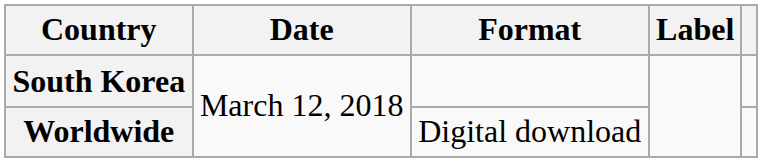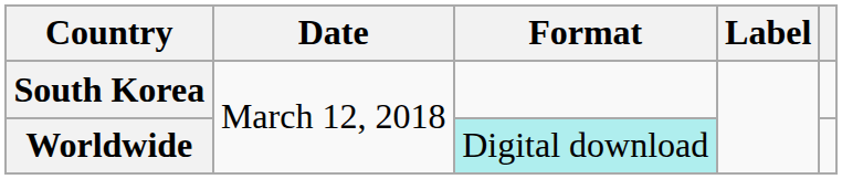 <table class="wikitable plainrowheaders">
 <tr>
 <th>Country</th>
 <th>Date</th>
 <th>Format</th>
 <th>Label</th>
 <th></th>
 </tr>
 <tr>
 <th scope="row">South Korea</th>
 <td rowspan="2">March 12, 2018</td>
 <td></td>
 <td rowspan="2"></td>
 <td></td>
 </tr>
 <tr>
 <th scope="row">Worldwide</th>
-<td>Digital download</td>
+<td style="background: paleturquoise;">Digital download</td>
 <td></td>
 </tr>
 </table>
